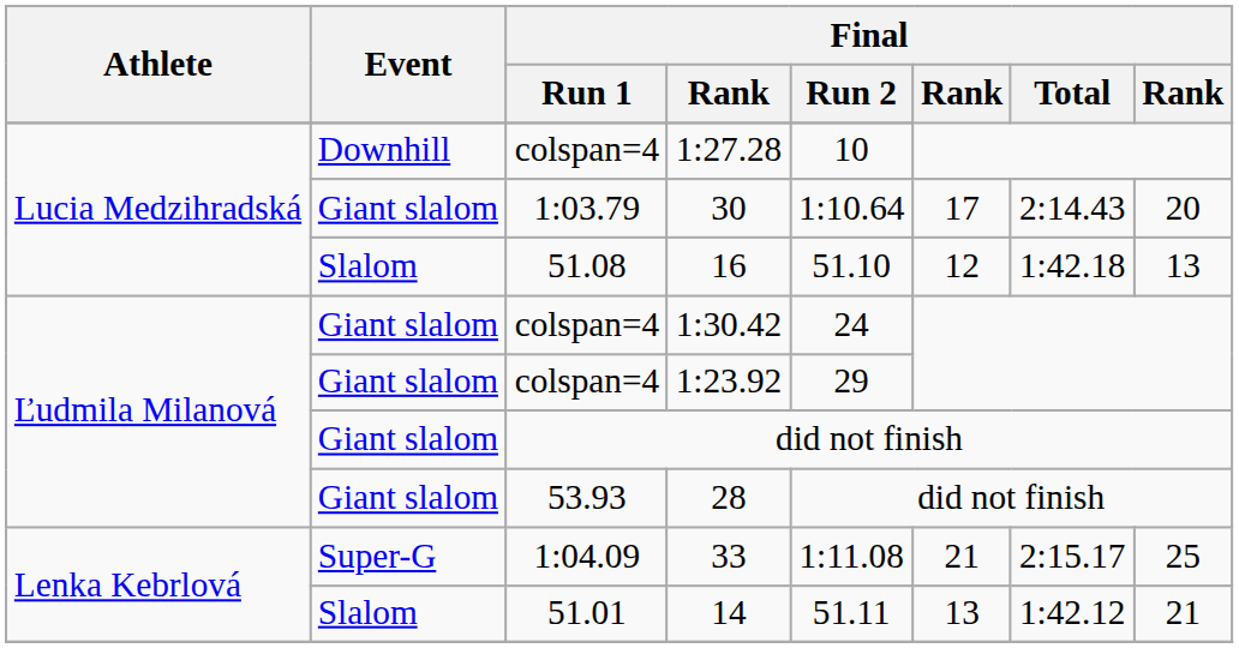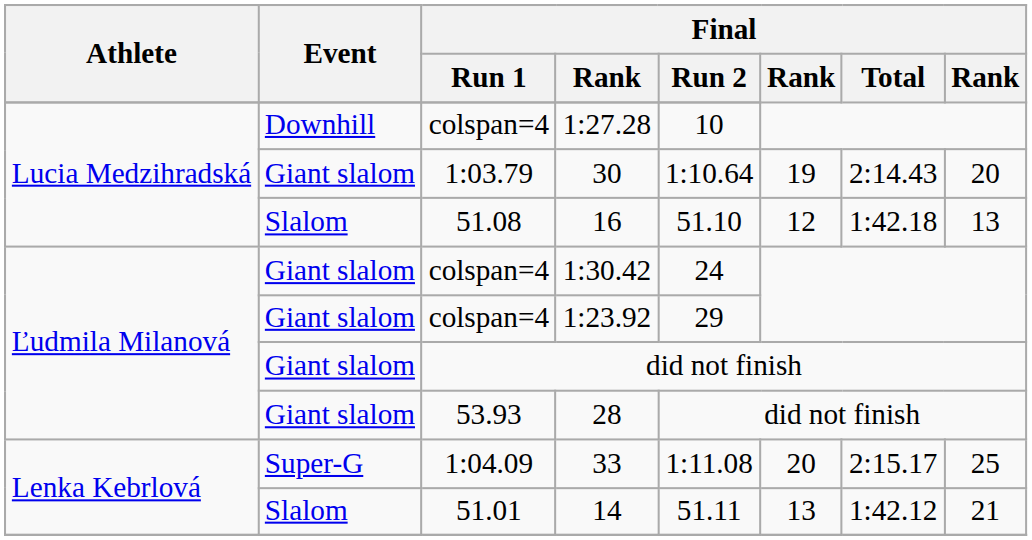 <table class="wikitable" style="font-size:90%">
 <tr>
 <th rowspan="2">Athlete</th>
 <th rowspan="2">Event</th>
 <th colspan="6">Final</th>
 </tr>
 <tr>
 <th>Run 1</th>
 <th>Rank</th>
 <th>Run 2</th>
 <th>Rank</th>
 <th>Total</th>
 <th>Rank</th>
 </tr>
 <tr>
 </tr>
 <tr align="center">
 <td align="left" rowspan=3><a href='#'>Lucia Medzihradská</a></td>
 <td align="left"><a href='#'>Downhill</a></td>
 <td>colspan=4 </td>
 <td>1:27.28</td>
 <td>10</td>
 </tr>
 <tr align="center">
 <td align="left"><a href='#'>Giant slalom</a></td>
 <td>1:03.79</td>
 <td>30</td>
 <td>1:10.64</td>
-<td>17</td>
+<td>19</td>
 <td>2:14.43</td>
 <td>20</td>
 </tr>
 <tr align="center">
 <td align="left"><a href='#'>Slalom</a></td>
 <td>51.08</td>
 <td>16</td>
 <td>51.10</td>
 <td>12</td>
 <td>1:42.18</td>
 <td>13</td>
 </tr>
 <tr align="center">
 <td align="left" rowspan=4><a href='#'>Ľudmila Milanová</a></td>
 <td align="left"><a href='#'>Giant slalom</a></td>
 <td>colspan=4 </td>
 <td>1:30.42</td>
 <td>24</td>
 </tr>
 <tr align="center">
 <td align="left"><a href='#'>Giant slalom</a></td>
 <td>colspan=4 </td>
 <td>1:23.92</td>
 <td>29</td>
 </tr>
 <tr align="center">
 <td align="left"><a href='#'>Giant slalom</a></td>
 <td colspan=6>did not finish</td>
 </tr>
 <tr align="center">
 <td align="left"><a href='#'>Giant slalom</a></td>
 <td>53.93</td>
 <td>28</td>
 <td colspan=4>did not finish</td>
 </tr>
 <tr align="center">
 <td align="left" rowspan=2><a href='#'>Lenka Kebrlová</a></td>
 <td align="left"><a href='#'>Super-G</a></td>
 <td>1:04.09</td>
 <td>33</td>
 <td>1:11.08</td>
-<td>21</td>
+<td>20</td>
 <td>2:15.17</td>
 <td>25</td>
 </tr>
 <tr align="center">
 <td align="left"><a href='#'>Slalom</a></td>
 <td>51.01</td>
 <td>14</td>
 <td>51.11</td>
 <td>13</td>
 <td>1:42.12</td>
 <td>21</td>
 </tr>
 <tr align="center">
 </tr>
 </table>
